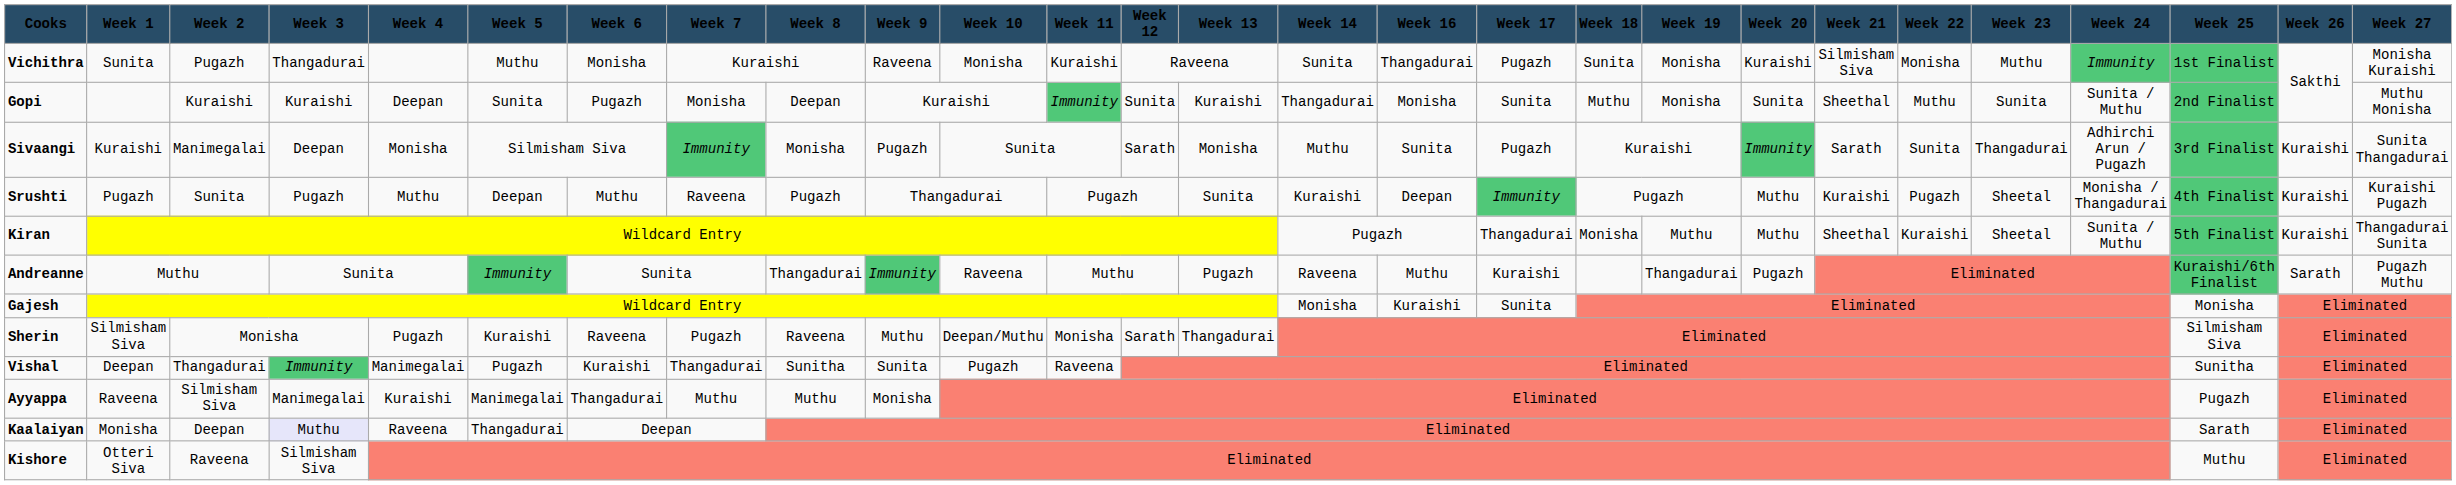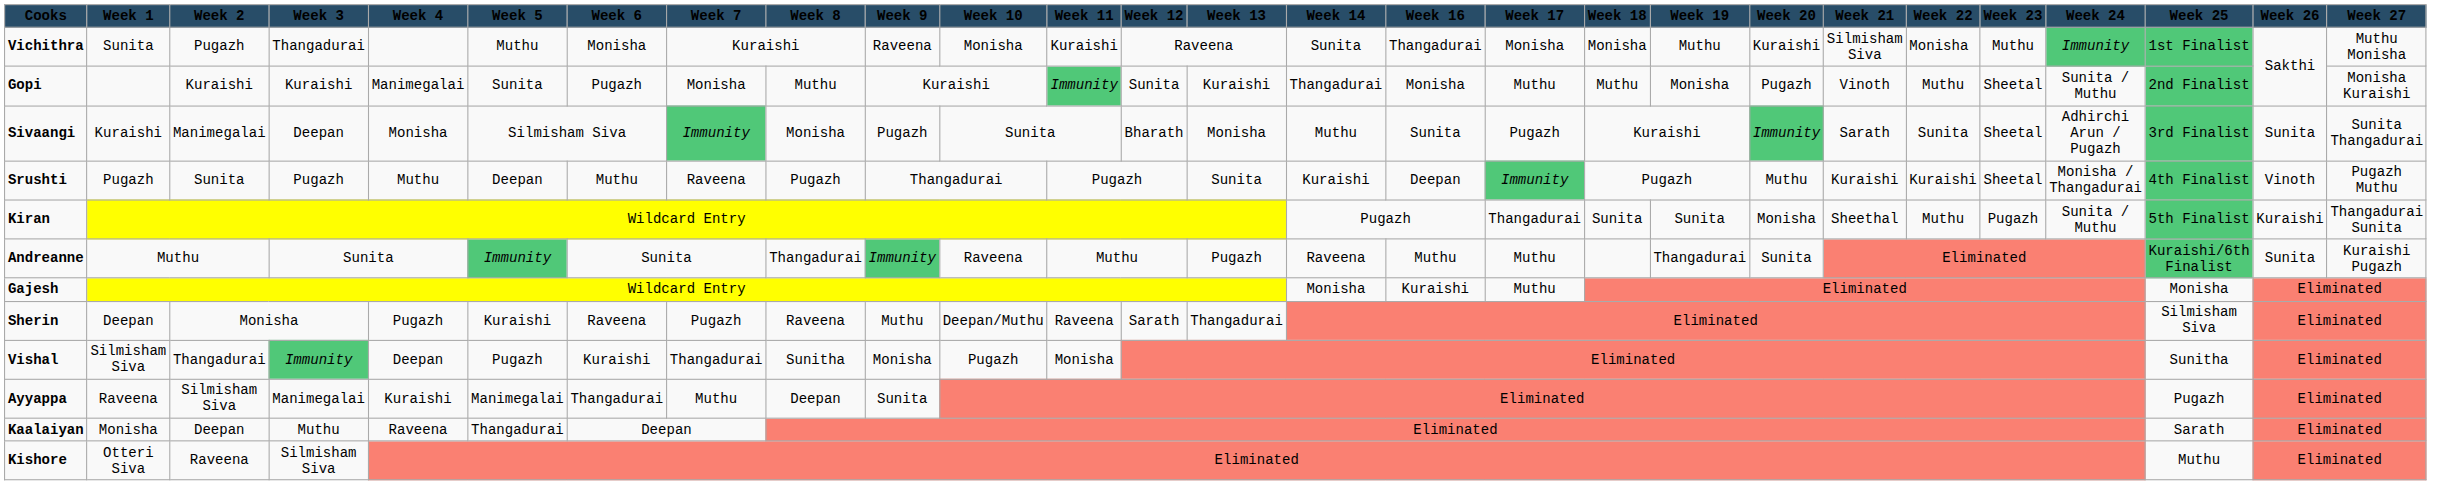 <table class="wikitable plainrowheaders" width="95%">
 <tr>
 <th scope="col" style ="background: #284D68;"style="background: #284D68 ;color:white"><strong>Cooks</strong></th>
 <th scope="col" style ="background: #284D68;"style="background: #284D68 ;color:white"><strong>Week 1</strong></th>
 <th scope="col" style ="background: #284D68;"style="background: #284D68 ;color:white"><strong>Week 2</strong></th>
 <th scope="col" style ="background: #284D68;"style="background: #284D68 ;color:white"><strong>Week 3</strong></th>
 <th scope="col" style ="background: #284D68;"style="background: #284D68 ;color:white"><strong>Week 4</strong></th>
 <th scope="col" style ="background: #284D68;"style="background: #284D68 ;color:white"><strong>Week 5</strong></th>
 <th scope="col" style ="background: #284D68;"style="background: #284D68 ;color:white"><strong>Week 6</strong></th>
 <th scope="col" style ="background: #284D68;"style="background: #284D68 ;color:white"><strong>Week 7</strong></th>
 <th scope="col" style ="background: #284D68;"style="background: #284D68 ;color:white"><strong>Week 8</strong></th>
 <th scope="col" style ="background: #284D68;"style="background: #284D68 ;color:white"><strong>Week 9</strong></th>
 <th scope="col" style ="background: #284D68;"style="background: #284D68 ;color:white"><strong>Week 10</strong></th>
 <th scope="col" style ="background: #284D68;"style="background: #284D68 ;color:white"><strong>Week 11</strong></th>
 <th scope="col" style ="background: #284D68;"style="background: #284D68 ;color:white"><strong>Week 12</strong></th>
 <th scope="col" style ="background: #284D68;"style="background: #284D68 ;color:white"><strong>Week 13</strong></th>
 <th scope="col" style ="background: #284D68;"style="background: #284D68 ;color:white"><strong>Week 14</strong></th>
 <th scope="col" style ="background: #284D68;"style="background: #284D68 ;color:white"><strong>Week 16</strong></th>
 <th scope="col" style ="background: #284D68;"style="background: #284D68 ;color:white"><strong>Week 17</strong></th>
 <th scope="col" style ="background: #284D68;"style="background: #284D68 ;color:white"><strong>Week 18</strong></th>
 <th scope="col" style ="background: #284D68;"style="background: #284D68 ;color:white"><strong>Week 19</strong></th>
 <th scope="col" style ="background: #284D68;"style="background: #284D68 ;color:white"><strong>Week 20</strong></th>
 <th scope="col" style ="background: #284D68;"style="background: #284D68 ;color:white"><strong>Week 21</strong></th>
 <th scope="col" style ="background: #284D68;"style="background: #284D68 ;color:white"><strong>Week 22</strong></th>
 <th scope="col" style ="background: #284D68;"style="background: #284D68 ;color:white"><strong>Week 23</strong></th>
 <th scope="col" style ="background: #284D68;"style="background: #284D68 ;color:white"><strong>Week 24</strong></th>
 <th scope="col" style ="background: #284D68;"style="background: #284D68 ;color: white"><strong>Week 25</strong></th>
 <th scope="col" style ="background: #284D68;"style="background: #284D68 ;color: white"><strong>Week 26</strong></th>
 <th scope="col" style ="background: #284D68;"style="background: #284D68 ;color: white"><strong>Week 27</strong></th>
 </tr>
 <tr>
 <td><strong>Vichithra</strong></td>
 <td style="text-align:center;">Sunita</td>
 <td style="text-align:center;">Pugazh</td>
 <td style="text-align:center;">Thangadurai</td>
 <td></td>
 <td style="text-align:center;">Muthu</td>
 <td style="text-align:center;">Monisha</td>
 <td colspan="2" style="text-align:center;">Kuraishi</td>
 <td style="text-align:center;">Raveena</td>
 <td style="text-align:center;">Monisha</td>
 <td style="text-align:center;">Kuraishi</td>
 <td colspan="2" style="text-align:center;">Raveena</td>
 <td style="text-align:center;">Sunita</td>
 <td style="text-align:center;">Thangadurai</td>
-<td style="text-align:center;">Pugazh</td>
-<td style="text-align:center;">Sunita</td>
 <td style="text-align:center;">Monisha</td>
+<td style="text-align:center;">Monisha</td>
+<td style="text-align:center;">Muthu</td>
 <td style="text-align:center;">Kuraishi</td>
 <td style="text-align:center;">Silmisham Siva</td>
 <td>Monisha</td>
 <td style="text-align:center;">Muthu</td>
 <td style="background:#50C878; text-align:center;"><em>Immunity</em></td>
 <td style="background:#50C878; text-align:center;">1st Finalist</td>
 <td rowspan="2" style="text-align:center;">Sakthi</td>
-<td style="text-align:center;">Monisha<br>Kuraishi</td>
+<td style="text-align:center;">Muthu<br>Monisha</td>
 </tr>
 <tr>
 <td><strong>Gopi</strong></td>
 <td></td>
 <td style="text-align:center;">Kuraishi</td>
 <td style="text-align:center;">Kuraishi</td>
-<td style="text-align:center;">Deepan</td>
+<td style="text-align:center;">Manimegalai</td>
 <td style="text-align:center;">Sunita</td>
 <td style="text-align:center;">Pugazh</td>
 <td style="text-align:center;">Monisha</td>
-<td style="text-align:center;">Deepan</td>
+<td style="text-align:center;">Muthu</td>
 <td colspan="2" style="text-align:center;">Kuraishi</td>
 <td style="background:#50C878; text-align:center;"><em>Immunity</em></td>
 <td style="text-align:center;">Sunita</td>
 <td style="text-align:center;">Kuraishi</td>
 <td style="text-align:center;">Thangadurai</td>
 <td style="text-align:center;">Monisha</td>
-<td style="text-align:center;">Sunita</td>
+<td style="text-align:center;">Muthu</td>
 <td style="text-align:center;">Muthu</td>
 <td style="text-align:center;">Monisha</td>
-<td style="text-align:center;">Sunita</td>
-<td style="text-align:center;">Sheethal</td>
+<td style="text-align:center;">Pugazh</td>
+<td style="text-align:center;">Vinoth</td>
 <td style="text-align:center;">Muthu</td>
-<td style="text-align:center;">Sunita</td>
+<td style="text-align:center;">Sheetal</td>
 <td style="text-align:center;">Sunita / Muthu</td>
 <td style="background:#50C878; text-align:center;">2nd Finalist</td>
-<td style="text-align:center;">Muthu<br>Monisha</td>
+<td style="text-align:center;">Monisha<br>Kuraishi</td>
 </tr>
 <tr>
 <td><strong>Sivaangi</strong></td>
 <td style="text-align:center;">Kuraishi</td>
 <td style="text-align:center;">Manimegalai</td>
 <td style="text-align:center;">Deepan</td>
 <td style="text-align:center;">Monisha</td>
 <td colspan="2" style="text-align:center;">Silmisham Siva</td>
 <td style="background:#50C878;text-align:center;"><em>Immunity</em></td>
 <td style="text-align:center;">Monisha</td>
 <td style="text-align:center;">Pugazh</td>
 <td colspan="2" style="text-align:center;">Sunita</td>
-<td style="text-align:center;">Sarath</td>
+<td style="text-align:center;">Bharath</td>
 <td style="text-align:center;">Monisha</td>
 <td style="text-align:center;">Muthu</td>
 <td style="text-align:center;">Sunita</td>
 <td style="text-align:center;">Pugazh</td>
 <td colspan="2" style="text-align:center;">Kuraishi</td>
 <td style="background:#50C878;text-align:center;"><em>Immunity</em></td>
 <td style="text-align:center;">Sarath</td>
 <td style="text-align:center;">Sunita</td>
-<td style="text-align:center;">Thangadurai</td>
+<td style="text-align:center;">Sheetal</td>
 <td style="text-align:center;">Adhirchi Arun / Pugazh</td>
 <td style="background:#50C878; text-align:center;">3rd Finalist</td>
-<td style="text-align:center;">Kuraishi</td>
+<td style="text-align:center;">Sunita</td>
 <td style="text-align:center;">Sunita<br>Thangadurai</td>
 </tr>
 <tr>
 <td><strong>Srushti</strong></td>
 <td style="text-align:center;">Pugazh</td>
 <td style="text-align:center;">Sunita</td>
 <td style="text-align:center;">Pugazh</td>
 <td style="text-align:center;">Muthu</td>
 <td style="text-align:center;">Deepan</td>
 <td style="text-align:center;">Muthu</td>
 <td style="text-align:center;">Raveena</td>
 <td style="text-align:center;">Pugazh</td>
 <td colspan="2" style="text-align:center;">Thangadurai</td>
 <td colspan="2" style="text-align:center;">Pugazh</td>
 <td style="text-align:center;">Sunita</td>
 <td style="text-align:center;">Kuraishi</td>
 <td style="text-align:center;">Deepan</td>
 <td style="background:#50C878; text-align:center;"><em>Immunity</em></td>
 <td colspan="2" style="text-align:center;">Pugazh</td>
 <td style="text-align:center;">Muthu</td>
 <td style="text-align:center;">Kuraishi</td>
-<td style="text-align:center;">Pugazh</td>
+<td style="text-align:center;">Kuraishi</td>
 <td style="text-align:center;">Sheetal</td>
 <td style="text-align:center;">Monisha / Thangadurai</td>
 <td style="background:#50C878; text-align:center;">4th Finalist</td>
-<td style="text-align:center;">Kuraishi</td>
-<td style="text-align:center;">Kuraishi<br>Pugazh</td>
+<td style="text-align:center;">Vinoth</td>
+<td style="text-align:center;">Pugazh<br>Muthu</td>
 </tr>
 <tr>
 <td><strong>Kiran</strong></td>
 <td colspan="13" style="background:yellow; text-align:center;">Wildcard Entry</td>
 <td colspan="2" style="text-align:center;">Pugazh</td>
 <td style="text-align:center;">Thangadurai</td>
+<td style="text-align:center;">Sunita</td>
+<td style="text-align:center;">Sunita</td>
 <td style="text-align:center;">Monisha</td>
+<td style="text-align:center;">Sheethal</td>
 <td style="text-align:center;">Muthu</td>
-<td style="text-align:center;">Muthu</td>
-<td style="text-align:center;">Sheethal</td>
-<td style="text-align:center;">Kuraishi</td>
-<td style="text-align:center;">Sheetal</td>
+<td style="text-align:center;">Pugazh</td>
 <td style="text-align:center;">Sunita / Muthu</td>
 <td style="background:#50C878; text-align:center;">5th Finalist</td>
 <td style="text-align:center;">Kuraishi</td>
 <td style="text-align:center;">Thangadurai<br>Sunita</td>
 </tr>
 <tr>
 <td><strong>Andreanne</strong></td>
 <td colspan="2" style="text-align:center;">Muthu</td>
 <td colspan="2" style="text-align:center;">Sunita</td>
 <td style="background:#50C878; text-align:center;"><em>Immunity</em></td>
 <td colspan="2" style="text-align:center;">Sunita</td>
 <td style="text-align:center;">Thangadurai</td>
 <td style="background:#50C878; text-align:center;"><em>Immunity</em></td>
 <td style="text-align:center;">Raveena</td>
 <td colspan="2" style="text-align:center;">Muthu</td>
 <td style="text-align:center;">Pugazh</td>
 <td style="text-align:center;">Raveena</td>
 <td style="text-align:center;">Muthu</td>
-<td style="text-align:center;">Kuraishi</td>
+<td style="text-align:center;">Muthu</td>
 <td></td>
 <td style="text-align:center;">Thangadurai</td>
-<td style="text-align:center;">Pugazh</td>
+<td style="text-align:center;">Sunita</td>
 <td colspan="4" style="background:salmon; text-align:center;">Eliminated</td>
 <td style="background:#50C878; text-align:center;">Kuraishi/6th Finalist</td>
-<td style="text-align:center;">Sarath</td>
-<td style="text-align:center;">Pugazh<br>Muthu</td>
+<td style="text-align:center;">Sunita</td>
+<td style="text-align:center;">Kuraishi<br>Pugazh</td>
 </tr>
 <tr>
 <td><strong>Gajesh</strong></td>
 <td colspan="13" style="background:yellow; text-align:center;">Wildcard Entry</td>
 <td style="text-align:center;">Monisha</td>
 <td style="text-align:center;">Kuraishi</td>
-<td style="text-align:center;">Sunita</td>
+<td style="text-align:center;">Muthu</td>
 <td colspan="7" style="background:salmon; text-align:center;">Eliminated</td>
 <td style="text-align:center;">Monisha</td>
 <td colspan="2" style="background: salmon; text-align:center;">Eliminated</td>
 </tr>
 <tr>
 <td><strong>Sherin</strong></td>
-<td style="text-align:center;">Silmisham Siva</td>
+<td style="text-align:center;">Deepan</td>
 <td colspan=2 style="text-align:center;">Monisha</td>
 <td style="text-align:center;">Pugazh</td>
 <td style="text-align:center;">Kuraishi</td>
 <td style="text-align:center;">Raveena</td>
 <td style="text-align:center;">Pugazh</td>
 <td style="text-align:center;">Raveena</td>
 <td style="text-align:center;">Muthu</td>
 <td style="text-align:center;">Deepan/Muthu</td>
-<td style="text-align:center;">Monisha</td>
+<td style="text-align:center;">Raveena</td>
 <td style="text-align:center;">Sarath</td>
 <td style="text-align:center;">Thangadurai</td>
 <td colspan="10" style="background:salmon; text-align:center;">Eliminated</td>
 <td style="text-align:center;">Silmisham Siva</td>
 <td colspan="2" style="background: salmon; text-align:center;">Eliminated</td>
 </tr>
 <tr>
 <td><strong>Vishal</strong></td>
-<td style="text-align:center;">Deepan</td>
+<td style="text-align:center;">Silmisham Siva</td>
 <td style="text align:center;">Thangadurai</td>
 <td style="background:#50C878; text-align:center;"><em>Immunity</em></td>
-<td style="text-align:center;">Manimegalai</td>
+<td style="text-align:center;">Deepan</td>
 <td style="text-align:center;">Pugazh</td>
 <td style="text-align:center;">Kuraishi</td>
 <td style="text-align:center;">Thangadurai</td>
 <td style="text-align:center;">Sunitha</td>
-<td style="text-align:center;">Sunita</td>
+<td style="text-align:center;">Monisha</td>
 <td style="text-align:center;">Pugazh</td>
-<td style="text-align:center;">Raveena</td>
+<td style="text-align:center;">Monisha</td>
 <td colspan="12" style="background:salmon; text-align:center;">Eliminated</td>
 <td style="text-align:center;">Sunitha</td>
 <td colspan="2" style="background: salmon; text-align:center;">Eliminated</td>
 </tr>
 <tr>
 <td><strong>Ayyappa</strong></td>
 <td style="text-align:center;">Raveena</td>
 <td style="text-align:center;">Silmisham Siva</td>
 <td style="text-align:center;">Manimegalai</td>
 <td style="text-align:center;">Kuraishi</td>
 <td style="text-align:center;">Manimegalai</td>
 <td style="text-align:center;">Thangadurai</td>
 <td style="text-align:center;">Muthu</td>
-<td style="text-align:center;">Muthu</td>
-<td style="text-align:center;">Monisha</td>
+<td style="text-align:center;">Deepan</td>
+<td style="text-align:center;">Sunita</td>
 <td colspan="14" style="background:salmon; text-align:center;">Eliminated</td>
 <td style="text-align:center;">Pugazh</td>
 <td colspan="2" style="background: salmon; text-align:center;">Eliminated</td>
 </tr>
 <tr>
 <td><strong>Kaalaiyan</strong></td>
 <td style="text-align:center;">Monisha</td>
 <td style="text-align:center;">Deepan</td>
-<td style="background: lavender; text-align:center;">Muthu</td>
+<td style="text-align:center;">Muthu</td>
 <td style="text-align:center;">Raveena</td>
 <td style="text-align:center;">Thangadurai</td>
 <td colspan=2 style="text-align:center;">Deepan</td>
 <td colspan="16" style="background:salmon; text-align:center;">Eliminated</td>
 <td style="text-align:center;">Sarath</td>
 <td colspan="2" style="background: salmon; text-align:center;">Eliminated</td>
 </tr>
 <tr>
 <td><strong>Kishore</strong></td>
 <td style="text-align:center;">Otteri Siva</td>
 <td style="text-align:center;">Raveena</td>
 <td style="text-align:center;">Silmisham Siva</td>
 <td colspan="20" style="background:salmon; text-align:center;">Eliminated</td>
 <td style="text-align:center;">Muthu</td>
 <td colspan="2" style="background: salmon; text-align:center;">Eliminated</td>
 </tr>
 </table>
